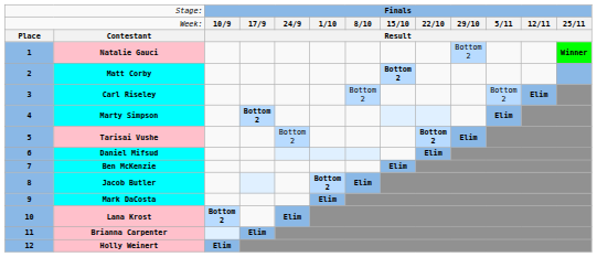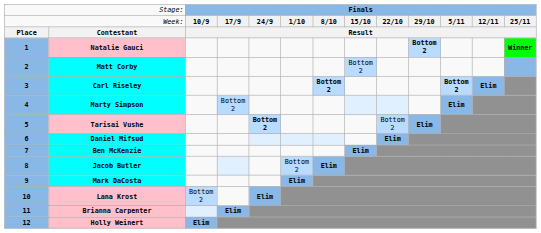 <table class="wikitable" style="text-align:center; font-size:85%">
 <tr>
 <td colspan="2" style="text-align:right;"><em>Stage:</em></td>
 <td colspan="14" style="background:#8ab8e6;"><strong>Finals</strong></td>
 </tr>
 <tr>
 <td colspan="2" style="text-align:right;"><em>Week:</em></td>
 <th width=6%>10/9</th>
 <th width=6%>17/9</th>
 <th width=6%>24/9</th>
 <th width=6%>1/10</th>
 <th width=6%>8/10</th>
 <th width=6%>15/10</th>
 <th width=6%>22/10</th>
 <th width=6%>29/10</th>
 <th width=6%>5/11</th>
 <th width=6%>12/11</th>
 <th width=6%>25/11</th>
 </tr>
 <tr>
 <th>Place</th>
 <th>Contestant</th>
 <th colspan="20">Result</th>
 </tr>
 <tr>
 <td style="background:#8ab8e6;"><strong>1</strong></td>
 <td style="background:pink;"><strong>Natalie Gauci</strong></td>
 <td></td>
 <td></td>
 <td></td>
 <td></td>
 <td></td>
 <td></td>
 <td></td>
-<td style="background:#b8dbff;">Bottom 2</td>
+<td style="background:#b8dbff;"><strong>Bottom 2</strong></td>
 <td></td>
 <td></td>
 <td style="background:lime;"><strong>Winner</strong></td>
 </tr>
 <tr>
 <td style="background:#8ab8e6;"><strong>2</strong></td>
 <td style="background:cyan;"><strong>Matt Corby</strong></td>
 <td></td>
 <td></td>
 <td></td>
 <td></td>
 <td></td>
-<td style="background:#b8dbff;"><strong>Bottom 2</strong></td>
+<td style="background:#b8dbff;">Bottom 2</td>
 <td></td>
 <td></td>
 <td></td>
 <td></td>
 <td style="background:#8ab8e6;"></td>
 </tr>
 <tr>
 <td style="background:#8ab8e6;"><strong>3</strong></td>
 <td style="background:cyan;"><strong>Carl Riseley</strong></td>
 <td></td>
 <td></td>
 <td></td>
 <td></td>
-<td style="background:#b8dbff;">Bottom 2</td>
+<td style="background:#b8dbff;"><strong>Bottom 2</strong></td>
 <td></td>
 <td></td>
 <td></td>
-<td style="background:#b8dbff;">Bottom 2</td>
+<td style="background:#b8dbff;"><strong>Bottom 2</strong></td>
 <td style="background:#8ab8e6;"><strong>Elim</strong></td>
 <td style="background:#919191;" colspan="10"></td>
 </tr>
 <tr>
 <td style="background:#8ab8e6;"><strong>4</strong></td>
 <td style="background:cyan;"><strong>Marty Simpson</strong></td>
 <td></td>
-<td style="background:#b8dbff;"><strong>Bottom 2</strong></td>
+<td style="background:#b8dbff;">Bottom 2</td>
 <td></td>
 <td></td>
 <td></td>
 <td style="background:#e0f0ff;"></td>
 <td style="background:#e0f0ff;"></td>
 <td></td>
 <td style="background:#8ab8e6;"><strong>Elim</strong></td>
 <td style="background:#919191;" colspan="10"></td>
 </tr>
 <tr>
 <td style="background:#8ab8e6;"><strong>5</strong></td>
 <td style="background:pink;"><strong>Tarisai Vushe</strong></td>
 <td></td>
 <td></td>
-<td style="background:#b8dbff;">Bottom 2</td>
+<td style="background:#b8dbff;"><strong>Bottom 2</strong></td>
 <td></td>
 <td></td>
 <td></td>
-<td style="background:#b8dbff;"><strong>Bottom 2</strong></td>
+<td style="background:#b8dbff;">Bottom 2</td>
 <td style="background:#8ab8e6;"><strong>Elim</strong></td>
 <td style="background:#919191;" colspan="10"></td>
 </tr>
 <tr>
 <td style="background:#8ab8e6;"><strong>6</strong></td>
 <td style="background:cyan;"><strong>Daniel Mifsud</strong></td>
 <td></td>
 <td></td>
 <td style="background:#e0f0ff;"></td>
 <td style="background:#e0f0ff;"></td>
 <td style="background:#e0f0ff;"></td>
 <td></td>
 <td style="background:#8ab8e6;"><strong>Elim</strong></td>
 <td style="background:#919191;" colspan="10"></td>
 </tr>
 <tr>
 <td style="background:#8ab8e6;"><strong>7</strong></td>
 <td style="background:cyan;"><strong>Ben McKenzie</strong></td>
 <td></td>
 <td></td>
 <td></td>
 <td></td>
 <td></td>
 <td style="background:#8ab8e6;"><strong>Elim</strong></td>
 <td style="background:#919191;" colspan="10"></td>
 </tr>
 <tr>
 <td style="background:#8ab8e6;"><strong>8</strong></td>
 <td style="background:cyan;"><strong>Jacob Butler</strong></td>
 <td></td>
 <td style="background:#e0f0ff;"></td>
 <td></td>
-<td style="background:#b8dbff;"><strong>Bottom 2</strong></td>
+<td style="background:#b8dbff;">Bottom 2</td>
 <td style="background:#8ab8e6;"><strong>Elim</strong></td>
 <td style="background:#919191;" colspan="10"></td>
 </tr>
 <tr>
 <td style="background:#8ab8e6;"><strong>9</strong></td>
 <td style="background: cyan;"><strong>Mark DaCosta</strong></td>
 <td></td>
 <td></td>
 <td></td>
 <td style="background:#8ab8e6;"><strong>Elim</strong></td>
 <td style="background:#919191;" colspan="10"></td>
 </tr>
 <tr>
 <td style="background:#8ab8e6;"><strong>10</strong></td>
 <td style="background:pink;"><strong>Lana Krost</strong></td>
-<td style="background:#b8dbff;"><strong>Bottom 2</strong></td>
+<td style="background:#b8dbff;">Bottom 2</td>
 <td></td>
 <td style="background:#8ab8e6;"><strong>Elim</strong></td>
 <td style="background:#919191;" colspan="10"></td>
 </tr>
 <tr>
 <td style="background:#8ab8e6;"><strong>11</strong></td>
 <td style="background:pink;"><strong>Brianna Carpenter</strong></td>
 <td style="background:#e0f0ff;"></td>
 <td style="background:#8ab8e6;"><strong>Elim</strong></td>
 <td style="background:#919191;" colspan="10"></td>
 </tr>
 <tr>
 <td style="background:#8ab8e6;"><strong>12</strong></td>
 <td style="background:pink;"><strong>Holly Weinert</strong></td>
 <td style="background:#8ab8e6;"><strong>Elim</strong></td>
 <td style="background:#919191;" colspan="12"></td>
 </tr>
 </table>
